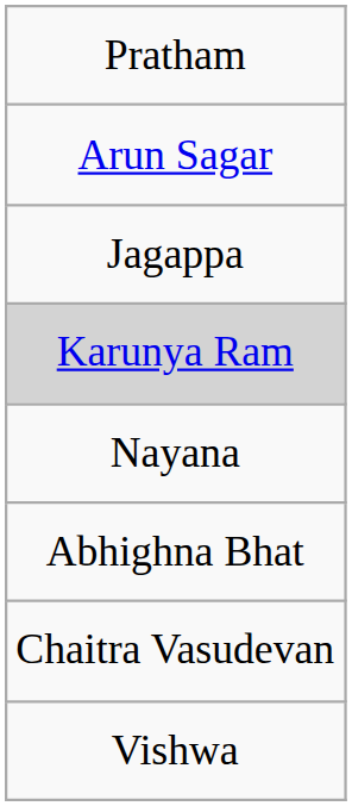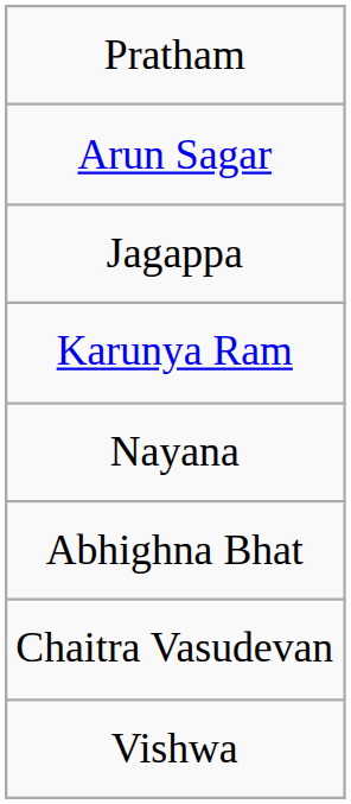 <table class="wikitable sortable" style=" text-align:center; font-size:100%;  line-height:30px; width:auto;">
 <tr>
 <td>Pratham</td>
 </tr>
 <tr>
 <td><a href='#'>Arun Sagar</a></td>
 </tr>
 <tr>
 <td>Jagappa</td>
 </tr>
 <tr>
-<td style="background: lightgrey;"><a href='#'>Karunya Ram</a></td>
+<td><a href='#'>Karunya Ram</a></td>
 </tr>
 <tr>
 <td>Nayana</td>
 </tr>
 <tr>
 <td>Abhighna Bhat</td>
 </tr>
 <tr>
 <td>Chaitra Vasudevan</td>
 </tr>
 <tr>
 <td>Vishwa</td>
 </tr>
 </table>
